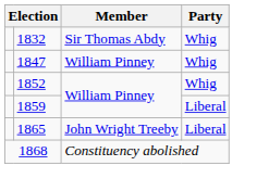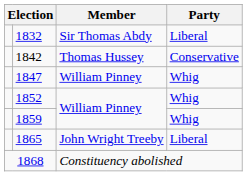 <table class="wikitable">
 <tr>
 <th colspan="2">Election</th>
 <th>Member</th>
 <th>Party</th>
 </tr>
 <tr>
 <td style="color:inherit;background-color: "></td>
 <td><a href='#'>1832</a></td>
 <td><a href='#'>Sir Thomas Abdy</a></td>
-<td><a href='#'>Whig</a></td>
+<td><a href='#'>Liberal</a></td>
+</tr>
+<tr>
+<td style="color:inherit;background-color: "></td>
+<td>1842</td>
+<td><a href='#'>Thomas Hussey</a></td>
+<td><a href='#'>Conservative</a></td>
 </tr>
 <tr>
 <td style="color:inherit;background-color: "></td>
 <td><a href='#'>1847</a></td>
 <td><a href='#'>William Pinney</a></td>
 <td><a href='#'>Whig</a></td>
 </tr>
 <tr>
 <td style="color:inherit;background-color: "></td>
 <td><a href='#'>1852</a></td>
 <td rowspan="2"><a href='#'>William Pinney</a></td>
 <td><a href='#'>Whig</a></td>
 </tr>
 <tr>
 <td style="color:inherit;background-color: "></td>
 <td><a href='#'>1859</a></td>
-<td><a href='#'>Liberal</a></td>
+<td><a href='#'>Whig</a></td>
 </tr>
 <tr>
 <td style="color:inherit;background-color: "></td>
 <td><a href='#'>1865</a></td>
 <td><a href='#'>John Wright Treeby</a></td>
 <td><a href='#'>Liberal</a></td>
 </tr>
 <tr>
 <td colspan="2" align="center"><a href='#'>1868</a></td>
 <td colspan="2"><em>Constituency abolished</em></td>
 </tr>
 </table>
